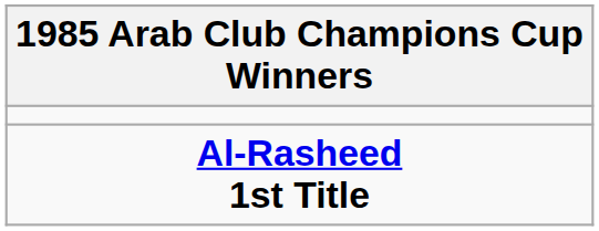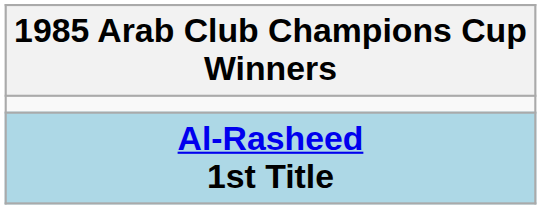 <table class="wikitable" style="text-align: center; margin: 0 auto; width: 20%">
 <tr>
 <th>1985 Arab Club Champions Cup<br> Winners</th>
 </tr>
 <tr>
 <td></td>
 </tr>
 <tr>
-<td><strong><a href='#'>Al-Rasheed</a></strong><br><strong>1st Title</strong></td>
+<td style="background: lightblue;"><strong><a href='#'>Al-Rasheed</a></strong><br><strong>1st Title</strong></td>
 </tr>
 </table>
